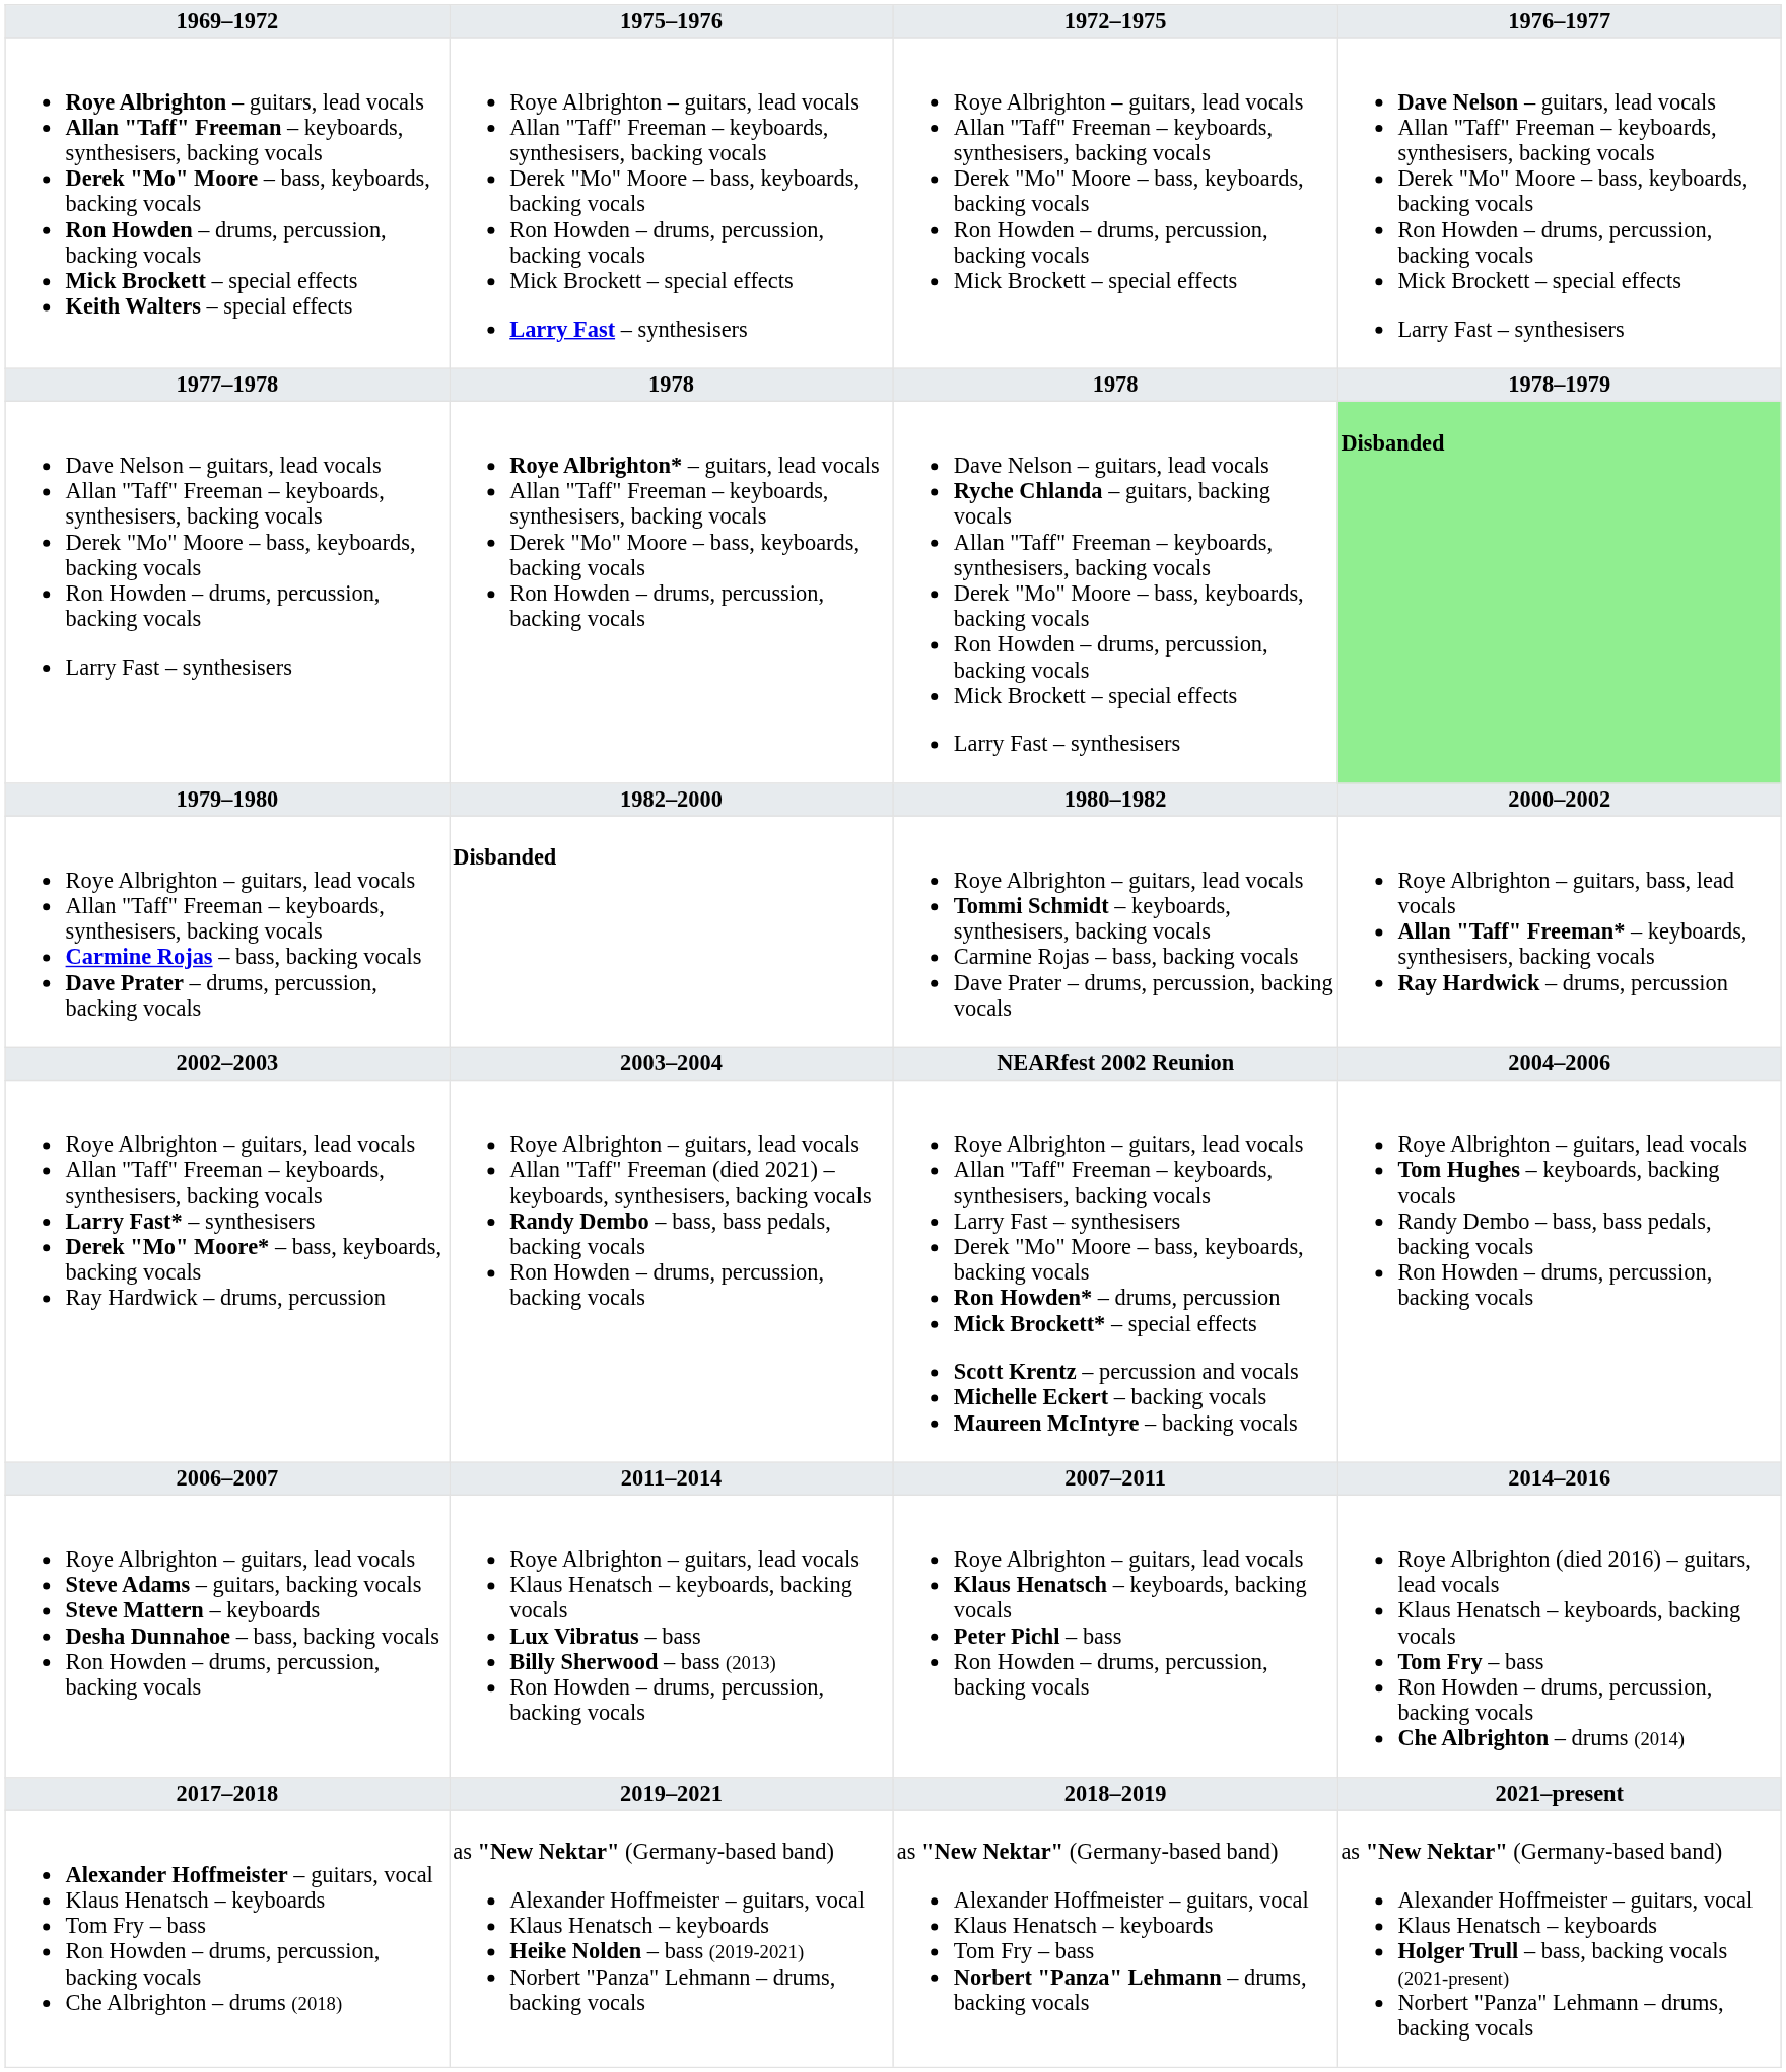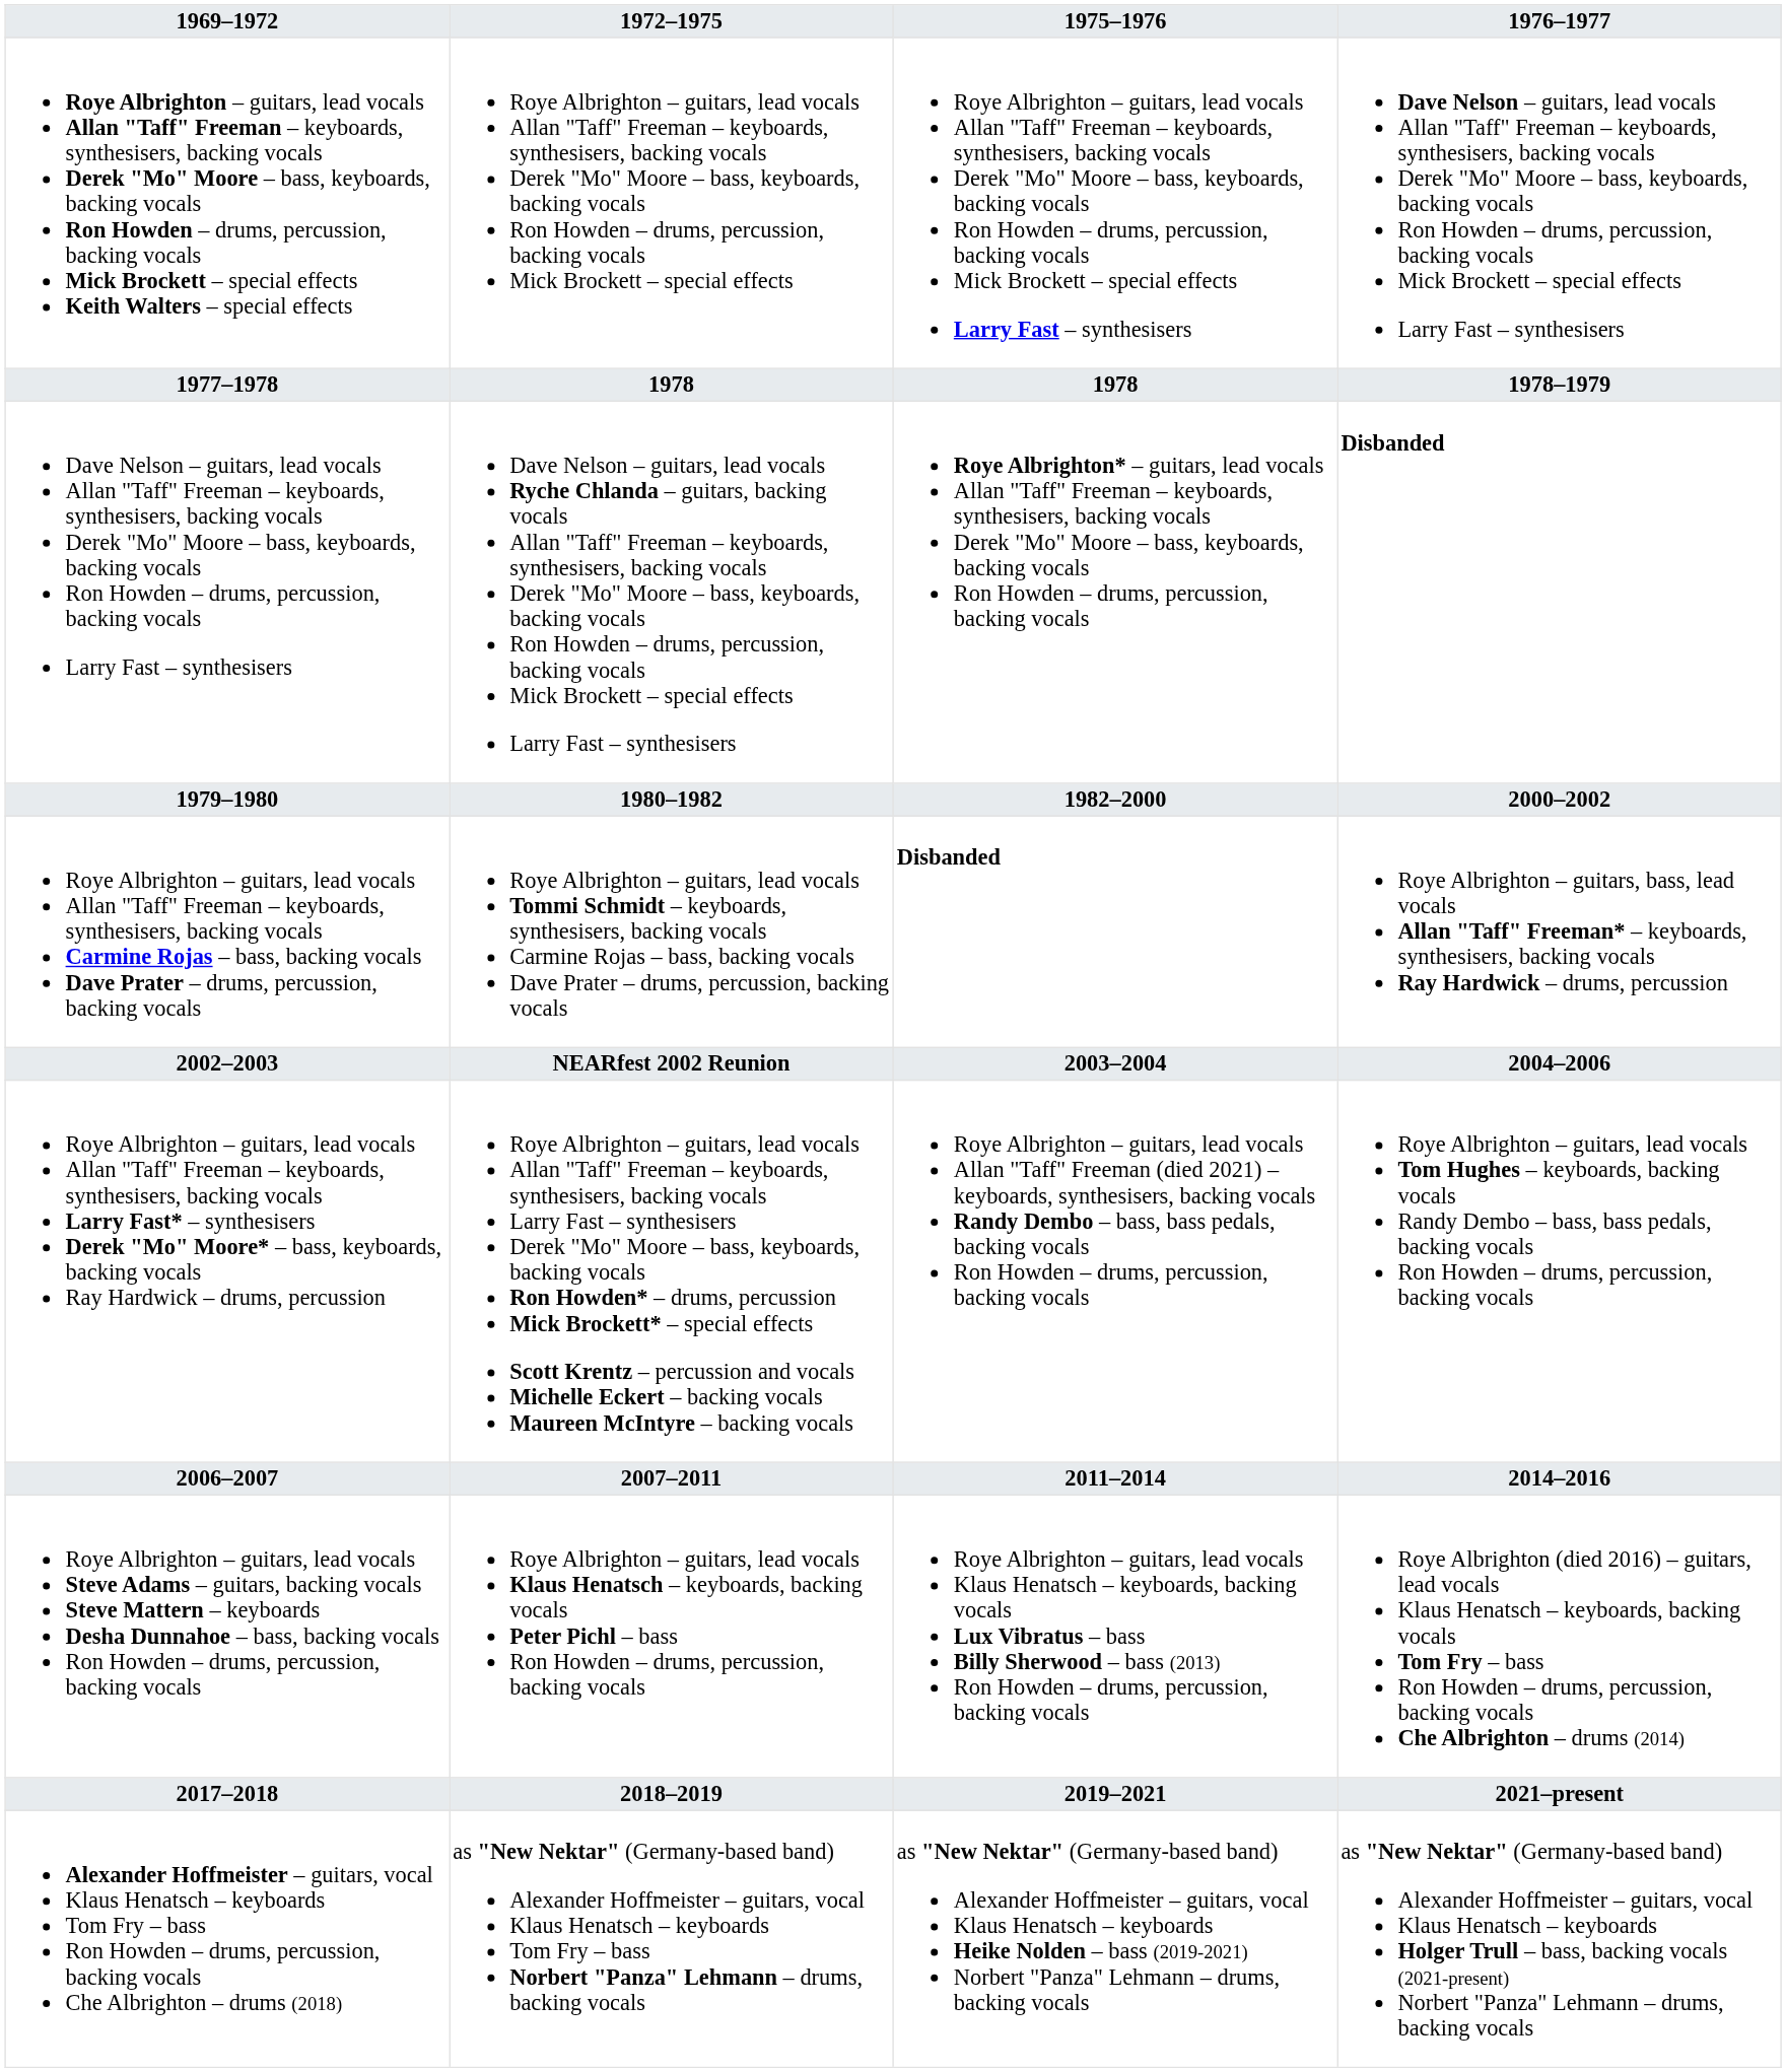 <table class="toccolours" border="1" cellpadding="2" cellspacing="0"  style="float:width:375px; margin:0 0 1em 1em; border-collapse:collapse; border:1px solid #e2e2e2; width:99%;">
 <tr>
 <th style="vertical-align:top; background:#e7ebee; width:25%;">1969–1972</th>
+<th style="vertical-align:top; background:#e7ebee; width:25%;">1972–1975</th>
 <th style="vertical-align:top; background:#e7ebee; width:25%;">1975–1976</th>
-<th style="vertical-align:top; background:#e7ebee; width:25%;">1972–1975</th>
 <th style="vertical-align:top; background:#e7ebee; width:25%;">1976–1977</th>
 </tr>
 <tr>
 <td valign=top><br><ul><li><strong>Roye Albrighton</strong> – guitars, lead vocals</li><li><strong>Allan "Taff" Freeman</strong> – keyboards, synthesisers, backing vocals</li><li><strong>Derek "Mo" Moore</strong> – bass, keyboards, backing vocals</li><li><strong>Ron Howden</strong> – drums, percussion, backing vocals</li><li><strong>Mick Brockett</strong> – special effects</li><li><strong>Keith Walters</strong> – special effects</li></ul></td>
+<td valign=top><br><ul><li>Roye Albrighton – guitars, lead vocals</li><li>Allan "Taff" Freeman – keyboards, synthesisers, backing vocals</li><li>Derek "Mo" Moore – bass, keyboards, backing vocals</li><li>Ron Howden – drums, percussion, backing vocals</li><li>Mick Brockett – special effects</li></ul></td>
 <td valign=top><br><ul><li>Roye Albrighton – guitars, lead vocals</li><li>Allan "Taff" Freeman – keyboards, synthesisers, backing vocals</li><li>Derek "Mo" Moore – bass, keyboards, backing vocals</li><li>Ron Howden – drums, percussion, backing vocals</li><li>Mick Brockett – special effects</li></ul><ul><li><strong><a href='#'>Larry Fast</a></strong> – synthesisers</li></ul></td>
-<td valign=top><br><ul><li>Roye Albrighton – guitars, lead vocals</li><li>Allan "Taff" Freeman – keyboards, synthesisers, backing vocals</li><li>Derek "Mo" Moore – bass, keyboards, backing vocals</li><li>Ron Howden – drums, percussion, backing vocals</li><li>Mick Brockett – special effects</li></ul></td>
 <td valign=top><br><ul><li><strong>Dave Nelson</strong> – guitars, lead vocals</li><li>Allan "Taff" Freeman – keyboards, synthesisers, backing vocals</li><li>Derek "Mo" Moore – bass, keyboards, backing vocals</li><li>Ron Howden – drums, percussion, backing vocals</li><li>Mick Brockett – special effects</li></ul><ul><li>Larry Fast – synthesisers</li></ul></td>
 </tr>
 <tr>
 <th style="vertical-align:top; background:#e7ebee; width:25%;">1977–1978</th>
+<th style="vertical-align:top; background:#e7ebee; width:25%;">1978</th>
 <th style="vertical-algin:top; background:#e7ebee; width:25%;">1978</th>
-<th style="vertical-align:top; background:#e7ebee; width:25%;">1978</th>
 <th style="vertical-align:top; background:#e7ebee; width:25%;">1978–1979</th>
 </tr>
 <tr>
 <td valign=top><br><ul><li>Dave Nelson – guitars, lead vocals</li><li>Allan "Taff" Freeman – keyboards, synthesisers, backing vocals</li><li>Derek "Mo" Moore – bass, keyboards, backing vocals</li><li>Ron Howden – drums, percussion, backing vocals</li></ul><ul><li>Larry Fast – synthesisers</li></ul></td>
+<td valign=top><br><ul><li>Dave Nelson – guitars, lead vocals</li><li><strong>Ryche Chlanda</strong> – guitars, backing vocals</li><li>Allan "Taff" Freeman – keyboards, synthesisers, backing vocals</li><li>Derek "Mo" Moore – bass, keyboards, backing vocals</li><li>Ron Howden – drums, percussion, backing vocals</li><li>Mick Brockett – special effects</li></ul><ul><li>Larry Fast – synthesisers</li></ul></td>
 <td valign=top><br><ul><li><strong>Roye Albrighton*</strong> – guitars, lead vocals</li><li>Allan "Taff" Freeman – keyboards, synthesisers, backing vocals</li><li>Derek "Mo" Moore – bass, keyboards, backing vocals</li><li>Ron Howden – drums, percussion, backing vocals</li></ul></td>
-<td valign=top><br><ul><li>Dave Nelson – guitars, lead vocals</li><li><strong>Ryche Chlanda</strong> – guitars, backing vocals</li><li>Allan "Taff" Freeman – keyboards, synthesisers, backing vocals</li><li>Derek "Mo" Moore – bass, keyboards, backing vocals</li><li>Ron Howden – drums, percussion, backing vocals</li><li>Mick Brockett – special effects</li></ul><ul><li>Larry Fast – synthesisers</li></ul></td>
-<td valign=top style="background: lightgreen;"><br><strong>Disbanded</strong></td>
+<td valign=top><br><strong>Disbanded</strong></td>
 </tr>
 <tr>
 <th style="vertical-align:top; background:#e7ebee; width:25%;">1979–1980</th>
+<th style="vertical-align:top; background:#e7ebee; width:25%;">1980–1982</th>
 <th style="vertical-align:top; background:#e7ebee; width:25%;">1982–2000</th>
-<th style="vertical-align:top; background:#e7ebee; width:25%;">1980–1982</th>
 <th style="vertical-align:top; background:#e7ebee; width:25%;">2000–2002</th>
 </tr>
 <tr>
 <td valign=top><br><ul><li>Roye Albrighton – guitars, lead vocals</li><li>Allan "Taff" Freeman – keyboards, synthesisers, backing vocals</li><li><strong><a href='#'>Carmine Rojas</a></strong> – bass, backing vocals</li><li><strong>Dave Prater</strong> – drums, percussion, backing vocals</li></ul></td>
+<td valign=top><br><ul><li>Roye Albrighton – guitars, lead vocals</li><li><strong>Tommi Schmidt</strong> – keyboards, synthesisers, backing vocals</li><li>Carmine Rojas – bass, backing vocals</li><li>Dave Prater – drums, percussion, backing vocals</li></ul></td>
 <td valign=top><br><strong>Disbanded</strong></td>
-<td valign=top><br><ul><li>Roye Albrighton – guitars, lead vocals</li><li><strong>Tommi Schmidt</strong> – keyboards, synthesisers, backing vocals</li><li>Carmine Rojas – bass, backing vocals</li><li>Dave Prater – drums, percussion, backing vocals</li></ul></td>
 <td valign=top><br><ul><li>Roye Albrighton – guitars, bass, lead vocals</li><li><strong>Allan "Taff" Freeman*</strong> – keyboards, synthesisers, backing vocals</li><li><strong>Ray Hardwick</strong> – drums, percussion</li></ul></td>
 </tr>
 <tr>
 <th style="vertical-align:top; background:#e7ebee; width:25%;">2002–2003</th>
+<th style="vertical-align:top; background:#e7ebee; width:25%;">NEARfest 2002 Reunion</th>
 <th style="vertical-align:top; background:#e7ebee; width:25%;">2003–2004</th>
-<th style="vertical-align:top; background:#e7ebee; width:25%;">NEARfest 2002 Reunion</th>
 <th style="vertical-align:top; background:#e7ebee; width:25%;">2004–2006</th>
 </tr>
 <tr>
 <td valign=top><br><ul><li>Roye Albrighton – guitars, lead vocals</li><li>Allan "Taff" Freeman – keyboards, synthesisers, backing vocals</li><li><strong>Larry Fast*</strong> – synthesisers</li><li><strong>Derek "Mo" Moore*</strong> – bass, keyboards, backing vocals</li><li>Ray Hardwick – drums, percussion</li></ul></td>
+<td valign=top><br><ul><li>Roye Albrighton – guitars, lead vocals</li><li>Allan "Taff" Freeman – keyboards, synthesisers, backing vocals</li><li>Larry Fast – synthesisers</li><li>Derek "Mo" Moore – bass, keyboards, backing vocals</li><li><strong>Ron Howden*</strong> – drums, percussion</li><li><strong>Mick Brockett*</strong> – special effects</li></ul><ul><li><strong>Scott Krentz</strong> – percussion and vocals</li><li><strong>Michelle Eckert</strong> – backing vocals</li><li><strong>Maureen McIntyre</strong> – backing vocals</li></ul></td>
 <td valign=top><br><ul><li>Roye Albrighton – guitars, lead vocals</li><li>Allan "Taff" Freeman (died 2021) – keyboards, synthesisers, backing vocals</li><li><strong>Randy Dembo</strong> – bass, bass pedals, backing vocals</li><li>Ron Howden – drums, percussion, backing vocals</li></ul></td>
-<td valign=top><br><ul><li>Roye Albrighton – guitars, lead vocals</li><li>Allan "Taff" Freeman – keyboards, synthesisers, backing vocals</li><li>Larry Fast – synthesisers</li><li>Derek "Mo" Moore – bass, keyboards, backing vocals</li><li><strong>Ron Howden*</strong> – drums, percussion</li><li><strong>Mick Brockett*</strong> – special effects</li></ul><ul><li><strong>Scott Krentz</strong> – percussion and vocals</li><li><strong>Michelle Eckert</strong> – backing vocals</li><li><strong>Maureen McIntyre</strong> – backing vocals</li></ul></td>
 <td valign=top><br><ul><li>Roye Albrighton – guitars, lead vocals</li><li><strong>Tom Hughes</strong> – keyboards, backing vocals</li><li>Randy Dembo – bass, bass pedals, backing vocals</li><li>Ron Howden – drums, percussion, backing vocals</li></ul></td>
 </tr>
 <tr>
 <th style="vertical-align:top; background:#e7ebee; width:25%;">2006–2007</th>
+<th style="vertical-align:top; background:#e7ebee; width:25%;">2007–2011</th>
 <th style="vertical-align:top; background:#e7ebee; width:25%;">2011–2014</th>
-<th style="vertical-align:top; background:#e7ebee; width:25%;">2007–2011</th>
 <th style="vertical-align:top; background:#e7ebee; width:25%;">2014–2016</th>
 </tr>
 <tr>
 <td valign=top><br><ul><li>Roye Albrighton – guitars, lead vocals</li><li><strong>Steve Adams</strong> – guitars, backing vocals</li><li><strong>Steve Mattern</strong> – keyboards</li><li><strong>Desha Dunnahoe</strong> – bass, backing vocals</li><li>Ron Howden – drums, percussion, backing vocals</li></ul></td>
+<td valign=top><br><ul><li>Roye Albrighton – guitars, lead vocals</li><li><strong>Klaus Henatsch</strong> – keyboards, backing vocals</li><li><strong>Peter Pichl</strong> – bass</li><li>Ron Howden – drums, percussion, backing vocals</li></ul></td>
 <td valign=top><br><ul><li>Roye Albrighton – guitars, lead vocals</li><li>Klaus Henatsch – keyboards, backing vocals</li><li><strong>Lux Vibratus</strong> – bass</li><li><strong>Billy Sherwood</strong> – bass <small>(2013)</small></li><li>Ron Howden – drums, percussion, backing vocals</li></ul></td>
-<td valign=top><br><ul><li>Roye Albrighton – guitars, lead vocals</li><li><strong>Klaus Henatsch</strong> – keyboards, backing vocals</li><li><strong>Peter Pichl</strong> – bass</li><li>Ron Howden – drums, percussion, backing vocals</li></ul></td>
 <td valign=top><br><ul><li>Roye Albrighton (died 2016) – guitars, lead vocals</li><li>Klaus Henatsch – keyboards, backing vocals</li><li><strong>Tom Fry</strong> – bass</li><li>Ron Howden – drums, percussion, backing vocals</li><li><strong>Che Albrighton</strong> – drums <small>(2014)</small></li></ul></td>
 </tr>
 <tr>
 <th style="vertical-align:top; background:#e7ebee; width:25%;">2017–2018</th>
+<th style="vertical-align:top; background:#e7ebee; width:25%;">2018–2019</th>
 <th style="vertical-align:top; background:#e7ebee; width:25%;">2019–2021</th>
-<th style="vertical-align:top; background:#e7ebee; width:25%;">2018–2019</th>
 <th style="vertical-align:top; background:#e7ebee; width:25%;">2021–present</th>
 </tr>
 <tr>
 <td valign=top><br><ul><li><strong>Alexander Hoffmeister</strong> – guitars, vocal</li><li>Klaus Henatsch – keyboards</li><li>Tom Fry – bass</li><li>Ron Howden – drums, percussion, backing vocals</li><li>Che Albrighton – drums <small>(2018)</small></li></ul></td>
+<td valign=top><br>as <strong>"New Nektar"</strong> (Germany-based band)<ul><li>Alexander Hoffmeister – guitars, vocal</li><li>Klaus Henatsch – keyboards</li><li>Tom Fry – bass</li><li><strong>Norbert "Panza" Lehmann</strong> – drums, backing vocals</li></ul></td>
 <td valign=top><br>as <strong>"New Nektar"</strong> (Germany-based band)<ul><li>Alexander Hoffmeister – guitars, vocal</li><li>Klaus Henatsch – keyboards</li><li><strong>Heike Nolden</strong> – bass <small> (2019-2021) </small></li><li>Norbert "Panza" Lehmann – drums, backing vocals</li></ul></td>
-<td valign=top><br>as <strong>"New Nektar"</strong> (Germany-based band)<ul><li>Alexander Hoffmeister – guitars, vocal</li><li>Klaus Henatsch – keyboards</li><li>Tom Fry – bass</li><li><strong>Norbert "Panza" Lehmann</strong> – drums, backing vocals</li></ul></td>
 <td valign=top><br>as <strong>"New Nektar"</strong> (Germany-based band)<ul><li>Alexander Hoffmeister – guitars, vocal</li><li>Klaus Henatsch – keyboards</li><li><strong>Holger Trull</strong> – bass, backing vocals <small> (2021-present) </small></li><li>Norbert "Panza" Lehmann – drums, backing vocals</li></ul></td>
 </tr>
 </table>
